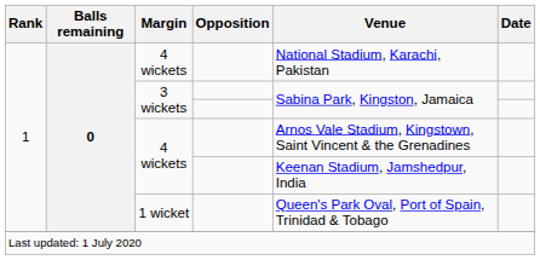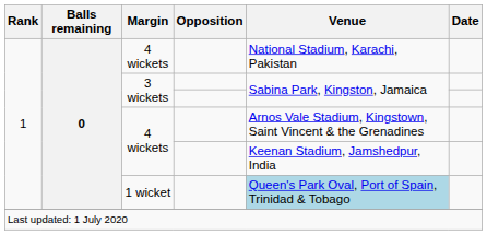 <table class="wikitable plainrowheaders sortable">
 <tr>
 <th scope=col>Rank</th>
 <th scope=col>Balls remaining</th>
 <th scope=col>Margin</th>
 <th scope=col>Opposition</th>
 <th scope=col>Venue</th>
 <th scope=col>Date</th>
 </tr>
 <tr>
 <td align=center rowspan=6>1</td>
 <th scope=row style=text-align:center; rowspan=6>0</th>
 <td scope=row style=text-align:center;>4 wickets</td>
 <td></td>
 <td><a href='#'>National Stadium</a>, <a href='#'>Karachi</a>, Pakistan</td>
 <td></td>
 </tr>
 <tr>
 <td scope=row style=text-align:center; rowspan=2>3 wickets</td>
 <td></td>
 <td rowspan=2><a href='#'>Sabina Park</a>, <a href='#'>Kingston</a>, Jamaica</td>
 <td></td>
 </tr>
 <tr>
 <td></td>
 <td></td>
 </tr>
 <tr>
 <td scope=row style=text-align:center; rowspan=2>4 wickets</td>
 <td></td>
 <td><a href='#'>Arnos Vale Stadium</a>, <a href='#'>Kingstown</a>, Saint Vincent & the Grenadines</td>
 <td></td>
 </tr>
 <tr>
 <td></td>
 <td><a href='#'>Keenan Stadium</a>, <a href='#'>Jamshedpur</a>, India</td>
 <td></td>
 </tr>
 <tr>
 <td scope=row style=text-align:center;>1 wicket</td>
 <td></td>
-<td><a href='#'>Queen's Park Oval</a>, <a href='#'>Port of Spain</a>, Trinidad & Tobago</td>
+<td style="background: lightblue;"><a href='#'>Queen's Park Oval</a>, <a href='#'>Port of Spain</a>, Trinidad & Tobago</td>
 <td></td>
 </tr>
 <tr>
 </tr>
 <tr class=sortbottom>
 <td colspan=6><small>Last updated: 1 July 2020</small></td>
 </tr>
 </table>
